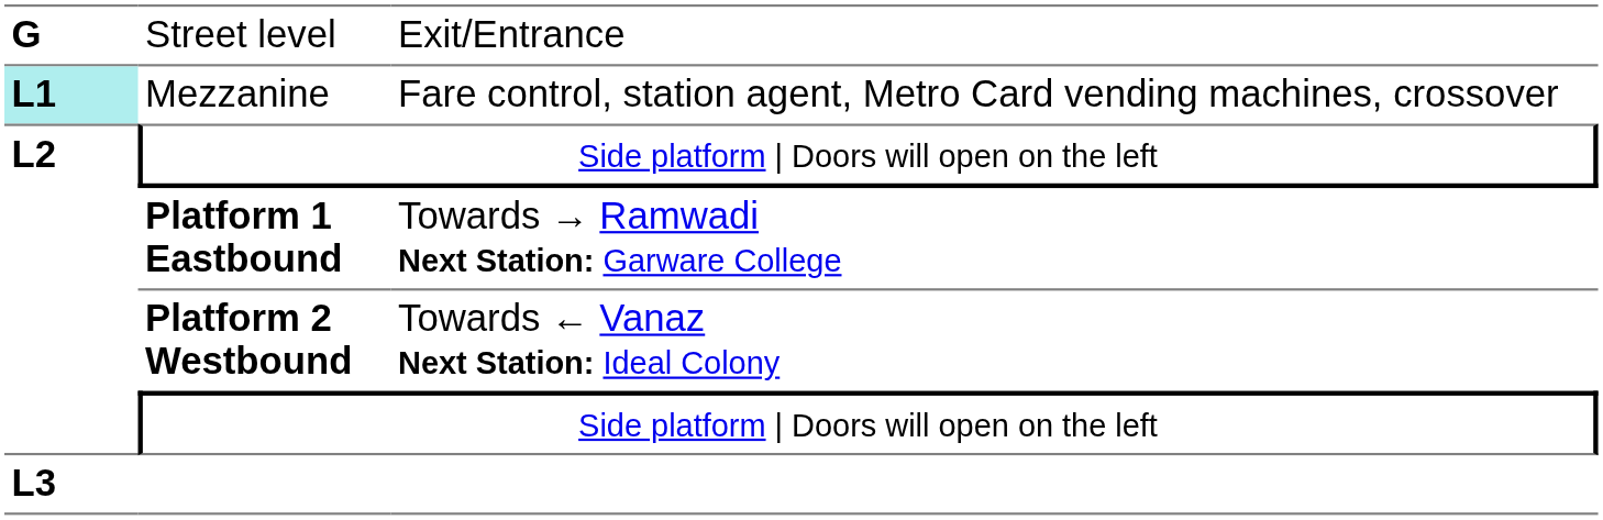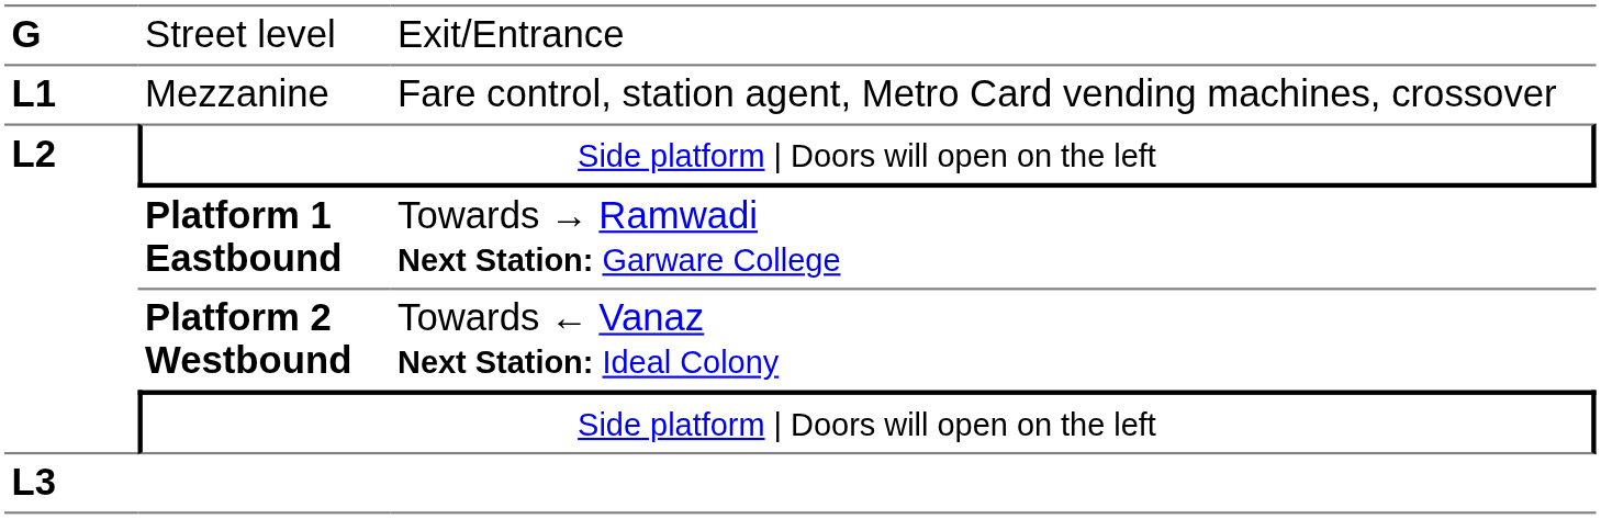 <table table border=0 cellspacing=0 cellpadding=3>
 <tr>
 <td style="border-bottom:solid 1px grey;border-top:solid 1px grey;" width=50 valign=top><strong>G</strong></td>
 <td style="border-top:solid 1px grey;border-bottom:solid 1px grey;" width=100 valign=top>Street level</td>
 <td style="border-top:solid 1px grey;border-bottom:solid 1px grey;" width=500 valign=top>Exit/Entrance</td>
 </tr>
 <tr>
-<td valign=top style="background: paleturquoise;"><strong>L1</strong></td>
+<td valign=top><strong>L1</strong></td>
 <td valign=top>Mezzanine</td>
 <td valign=top>Fare control, station agent, Metro Card vending machines, crossover<br></td>
 </tr>
 <tr>
 <td style="border-top:solid 1px grey;border-bottom:solid 1px grey;" width=50 rowspan=4 valign=top><strong>L2</strong></td>
 <td style="border-top:solid 1px grey;border-right:solid 2px black;border-left:solid 2px black;border-bottom:solid 2px black;text-align:center;" colspan=2><small><a href='#'>Side platform</a> | Doors will open on the left </small></td>
 </tr>
 <tr>
 <td style="border-bottom:solid 1px grey;" width=100><span><strong>Platform 1</strong><br><strong>Eastbound</strong></span></td>
 <td style="border-bottom:solid 1px grey;" width=500>Towards → <a href='#'>Ramwadi</a><br><small><strong>Next Station:</strong> <a href='#'>Garware College</a></small></td>
 </tr>
 <tr>
 <td><span><strong>Platform 2</strong><br><strong>Westbound</strong></span></td>
 <td>Towards ← <a href='#'>Vanaz</a><br><small><strong>Next Station:</strong> <a href='#'>Ideal Colony</a></small></td>
 </tr>
 <tr>
 <td style="border-top:solid 2px black;border-right:solid 2px black;border-left:solid 2px black;border-bottom:solid 1px grey;" colspan=2  align=center><small><a href='#'>Side platform</a> | Doors will open on the left </small></td>
 </tr>
 <tr>
 <td style="border-bottom:solid 1px grey;" width=50 rowspan=2 valign=top><strong>L3</strong></td>
 <td style="border-bottom:solid 1px grey;" width=100></td>
 <td style="border-bottom:solid 1px grey;" width=500></td>
 </tr>
 <tr>
 </tr>
 </table>
